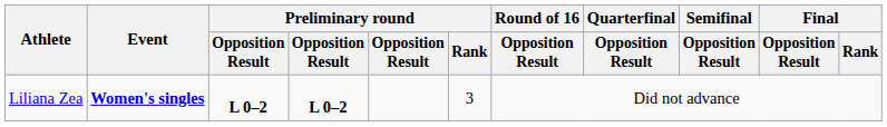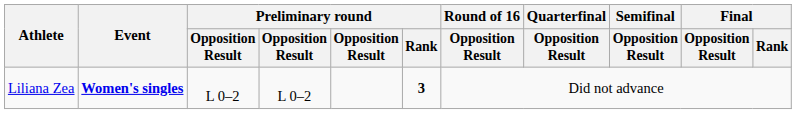 <table class=wikitable style=font-size:90%;text-align:center>
 <tr>
 <th rowspan=2>Athlete</th>
 <th rowspan=2>Event</th>
 <th colspan=4>Preliminary round</th>
 <th>Round of 16</th>
 <th>Quarterfinal</th>
 <th>Semifinal</th>
 <th colspan=2>Final</th>
 </tr>
 <tr style=font-size:95%>
 <th>Opposition<br>Result</th>
 <th>Opposition<br>Result</th>
 <th>Opposition<br>Result</th>
 <th>Rank</th>
 <th>Opposition<br>Result</th>
 <th>Opposition<br>Result</th>
 <th>Opposition<br>Result</th>
 <th>Opposition<br>Result</th>
 <th>Rank</th>
 </tr>
 <tr>
 <td align=left><a href='#'>Liliana Zea</a></td>
 <td align=left><strong><a href='#'>Women's singles</a></strong></td>
-<td><strong><br>L 0–2</strong></td>
-<td><strong><br>L 0–2</strong></td>
+<td><br>L 0–2</td>
+<td><br>L 0–2</td>
 <td></td>
-<td>3</td>
+<td><strong>3</strong></td>
 <td colspan=5>Did not advance</td>
 </tr>
 </table>
